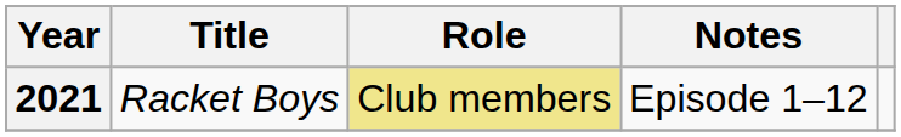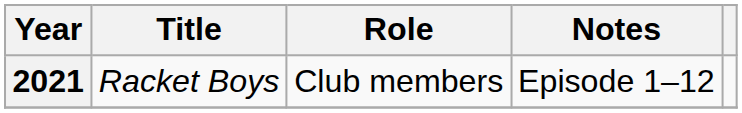 <table class="wikitable plainrowheaders">
 <tr>
 <th scope="col">Year</th>
 <th scope="col">Title</th>
 <th scope="col">Role</th>
 <th scope="col">Notes</th>
 <th scope="col" class="unsortable"></th>
 </tr>
 <tr>
 <th scope="row">2021</th>
 <td><em>Racket Boys</em></td>
-<td style="background: khaki;">Club members</td>
+<td>Club members</td>
 <td>Episode 1–12</td>
 <td></td>
 </tr>
 <tr>
 </tr>
 </table>
